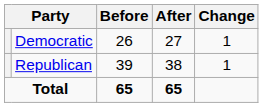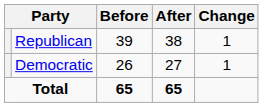 <table class="wikitable" style="text-align:center;">
 <tr>
 <th colspan="2">Party</th>
 <th>Before</th>
 <th>After</th>
 <th>Change</th>
 </tr>
 <tr>
 <th style="background-color:"></th>
-<td style="text-align:left;"><a href='#'>Democratic</a></td>
-<td>26</td>
-<td>27</td>
+<td style="text-align:left;"><a href='#'>Republican</a></td>
+<td>39</td>
+<td>38</td>
 <td> 1</td>
 </tr>
 <tr>
 <th style="background-color:"></th>
-<td style="text-align:left;"><a href='#'>Republican</a></td>
-<td>39</td>
-<td>38</td>
+<td style="text-align:left;"><a href='#'>Democratic</a></td>
+<td>26</td>
+<td>27</td>
 <td> 1</td>
 </tr>
 <tr>
 <td colspan="2"><strong>Total</strong></td>
 <td><strong>65</strong></td>
 <td><strong>65</strong></td>
 <td></td>
 </tr>
 </table>
